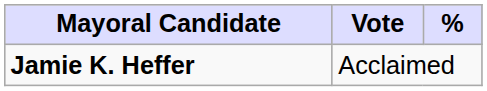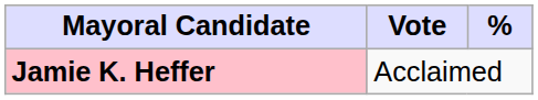 <table class="wikitable">
 <tr>
 <th style="background:#ddf; width:200px;">Mayoral Candidate</th>
 <th style="background:#ddf; width:50px;">Vote</th>
 <th style="background:#ddf; width:30px;">%</th>
 </tr>
 <tr>
-<td><strong>Jamie K. Heffer</strong></td>
+<td style="background: pink;"><strong>Jamie K. Heffer</strong></td>
 <td colspan="2">Acclaimed</td>
 </tr>
 </table>
